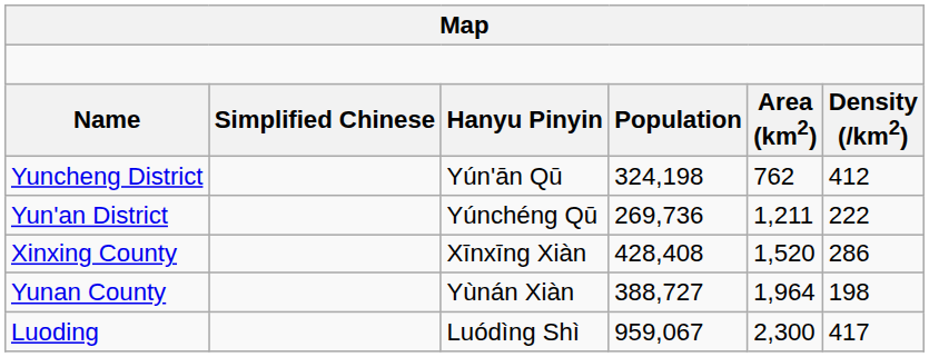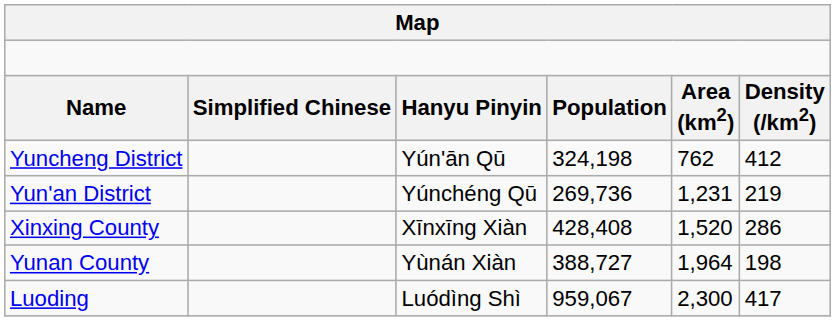 <table class="wikitable" style="font-size:90%;">
 <tr>
 <th colspan="6">Map</th>
 </tr>
 <tr>
 <td colspan="6"><div><br>        </div></td>
 </tr>
 <tr>
 <th>Name</th>
 <th>Simplified Chinese</th>
 <th>Hanyu Pinyin</th>
 <th>Population<br></th>
 <th>Area<br>(km<sup>2</sup>)</th>
 <th>Density<br>(/km<sup>2</sup>)</th>
 </tr>
 <tr>
 <td><a href='#'>Yuncheng District</a></td>
 <td></td>
 <td>Yún'ān Qū</td>
 <td>324,198</td>
 <td>762</td>
 <td>412</td>
 </tr>
 <tr>
 <td><a href='#'>Yun'an District</a></td>
 <td></td>
 <td>Yúnchéng Qū</td>
 <td>269,736</td>
-<td>1,211</td>
-<td>222</td>
+<td>1,231</td>
+<td>219</td>
 </tr>
 <tr>
 <td><a href='#'>Xinxing County</a></td>
 <td></td>
 <td>Xīnxīng Xiàn</td>
 <td>428,408</td>
 <td>1,520</td>
 <td>286</td>
 </tr>
 <tr>
 <td><a href='#'>Yunan County</a></td>
 <td></td>
 <td>Yùnán Xiàn</td>
 <td>388,727</td>
 <td>1,964</td>
 <td>198</td>
 </tr>
 <tr>
 <td><a href='#'>Luoding</a></td>
 <td></td>
 <td>Luódìng Shì</td>
 <td>959,067</td>
 <td>2,300</td>
 <td>417</td>
 </tr>
 </table>
